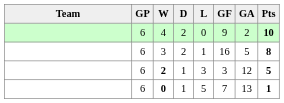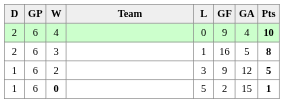 <table style=border-collapse:collapse border=1 cellspacing=0 cellpadding=5>
 <tr align=center bgcolor=#efefef>
-<th width=185>Team</th>
+<th width=20>D</th>
 <th width=20>GP</th>
 <th width=20>W</th>
-<th width=20>D</th>
+<th width=185>Team</th>
 <th width=20>L</th>
 <th width=20>GF</th>
 <th width=20>GA</th>
 <th width=20>Pts</th>
 </tr>
 <tr bgcolor=#ccffcc align=center>
-<td style="text-align:left;"></td>
+<td>2</td>
 <td>6</td>
 <td>4</td>
-<td>2</td>
+<td style="text-align:left;"></td>
 <td>0</td>
 <td>9</td>
-<td>2</td>
+<td>4</td>
 <td><strong>10</strong></td>
 </tr>
 <tr align=center>
-<td style="text-align:left;"></td>
+<td>2</td>
 <td>6</td>
 <td>3</td>
-<td>2</td>
+<td style="text-align:left;"></td>
 <td>1</td>
 <td>16</td>
 <td>5</td>
 <td><strong>8</strong></td>
 </tr>
 <tr align=center>
+<td>1</td>
+<td>6</td>
+<td>2</td>
 <td style="text-align:left;"></td>
-<td>6</td>
-<td><strong>2</strong></td>
-<td>1</td>
 <td>3</td>
-<td>3</td>
+<td>9</td>
 <td>12</td>
 <td><strong>5</strong></td>
 </tr>
 <tr align=center>
-<td style="text-align:left;"></td>
+<td>1</td>
 <td>6</td>
 <td><strong>0</strong></td>
-<td>1</td>
+<td style="text-align:left;"></td>
 <td>5</td>
-<td>7</td>
-<td>13</td>
+<td>2</td>
+<td>15</td>
 <td><strong>1</strong></td>
 </tr>
 </table>
